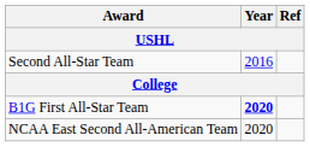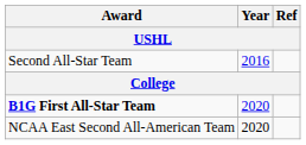 <table class="wikitable">
 <tr>
 <th>Award</th>
 <th>Year</th>
 <th>Ref</th>
 </tr>
 <tr>
 <th colspan="3"><a href='#'>USHL</a></th>
 </tr>
 <tr>
 <td>Second All-Star Team</td>
 <td><a href='#'>2016</a></td>
 <td></td>
 </tr>
 <tr>
 <th colspan="3"><a href='#'>College</a></th>
 </tr>
 <tr>
-<td><a href='#'>B1G</a> First All-Star Team</td>
-<td><strong><a href='#'>2020</a></strong></td>
+<td><strong><a href='#'>B1G</a> First All-Star Team</strong></td>
+<td><a href='#'>2020</a></td>
 <td></td>
 </tr>
 <tr>
 <td>NCAA East Second All-American Team</td>
 <td>2020</td>
 <td></td>
 </tr>
 </table>
